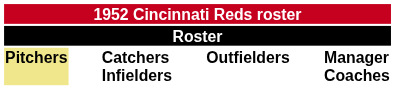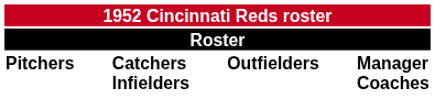 <table class="toccolours" style="font-size: 95%;">
 <tr>
 <th colspan="10" style="background-color: #c6011f; color: white; text-align: center;">1952 Cincinnati Reds roster</th>
 </tr>
 <tr>
 <td colspan="10" style="background-color: black; color: white; text-align: center;"><strong>Roster</strong></td>
 </tr>
 <tr>
-<td valign="top" style="background: khaki;"><strong>Pitchers</strong><br>             </td>
+<td valign="top"><strong>Pitchers</strong><br>             </td>
 <td width="25px"></td>
 <td valign="top"><strong>Catchers</strong><br>    <strong>Infielders</strong>        </td>
 <td width="25px"></td>
 <td valign="top"><strong>Outfielders</strong><br>         </td>
 <td width="25px"></td>
 <td valign="top"><strong>Manager</strong><br>  <strong>Coaches</strong>   </td>
 </tr>
 </table>
